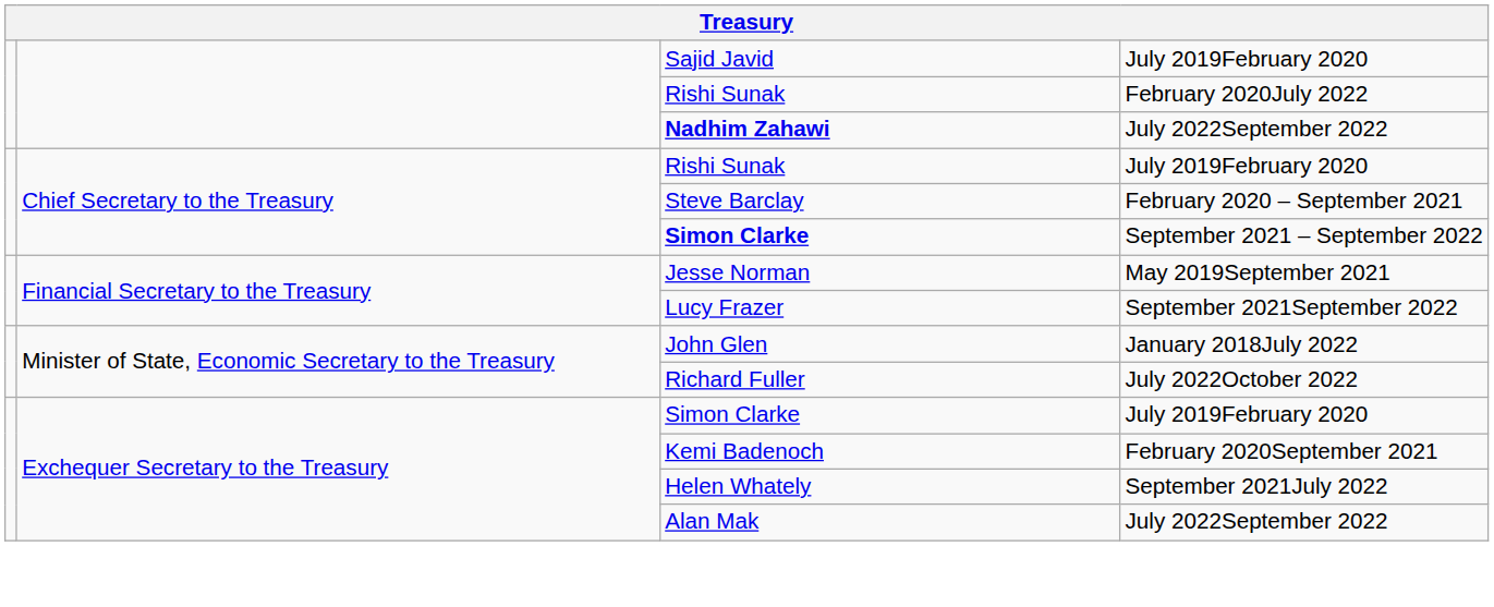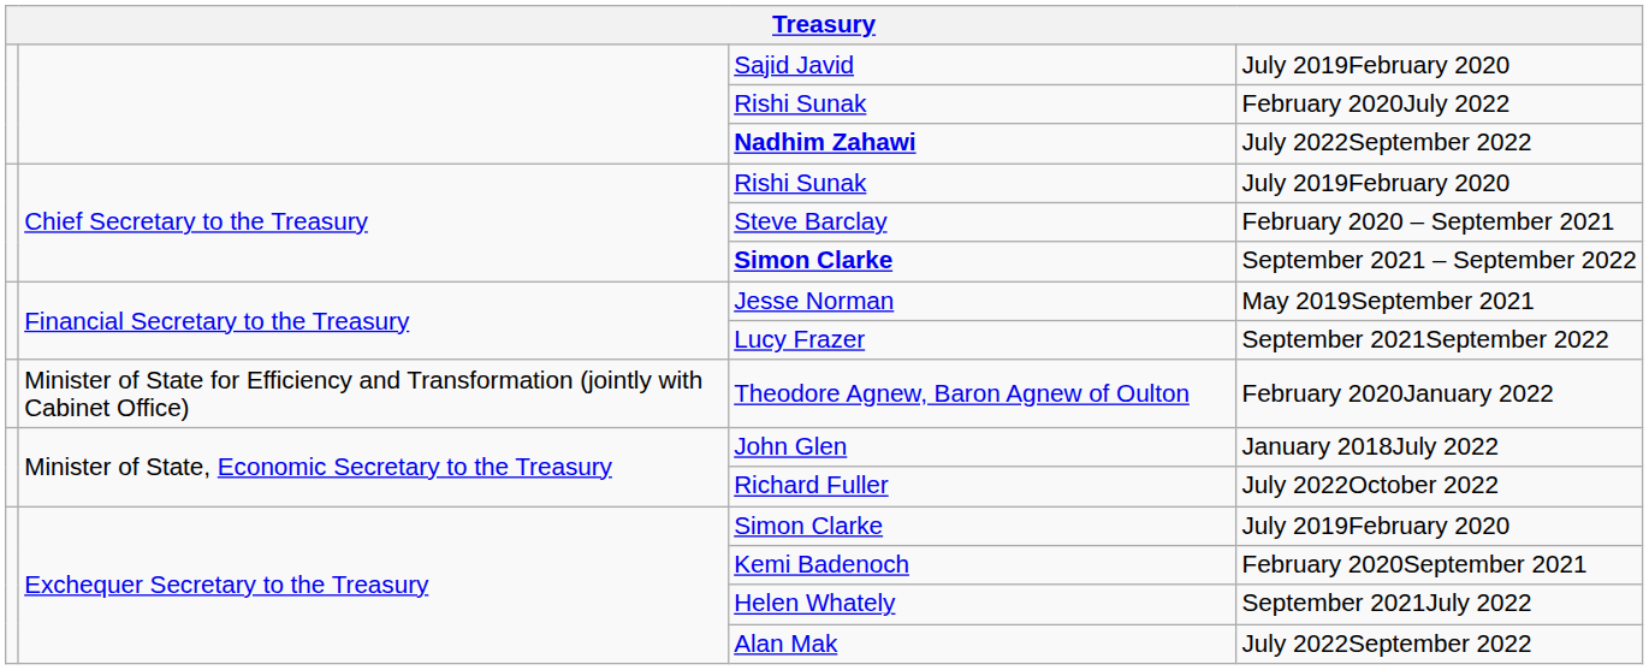 <table class="wikitable">
 <tr>
 <th colspan="4"><a href='#'>Treasury</a></th>
 </tr>
 <tr>
 <td rowspan=3 style="width: 1px; background: "></td>
 <td rowspan=3 style="width: 450px;"></td>
 <td style="width: 320px;"><a href='#'>Sajid Javid</a></td>
 <td>July 2019February 2020</td>
 </tr>
 <tr>
 <td><a href='#'>Rishi Sunak</a></td>
 <td>February 2020July 2022</td>
 </tr>
 <tr>
 <td><strong><a href='#'>Nadhim Zahawi</a></strong></td>
 <td>July 2022September 2022</td>
 </tr>
 <tr>
 <td rowspan=3 style="width: 1px; background: "></td>
 <td rowspan=3><a href='#'>Chief Secretary to the Treasury</a></td>
 <td><a href='#'>Rishi Sunak</a></td>
 <td>July 2019February 2020</td>
 </tr>
 <tr>
 <td><a href='#'>Steve Barclay</a></td>
 <td>February 2020 – September 2021</td>
 </tr>
 <tr>
 <td><strong><a href='#'>Simon Clarke</a></strong></td>
 <td>September 2021 – September 2022</td>
 </tr>
 <tr>
 <td rowspan=2 style="width: 1px; background: "></td>
 <td rowspan=2><a href='#'>Financial Secretary to the Treasury</a></td>
 <td><a href='#'>Jesse Norman</a></td>
 <td>May 2019September 2021</td>
 </tr>
 <tr>
 <td><a href='#'>Lucy Frazer</a></td>
 <td>September 2021September 2022</td>
 </tr>
 <tr>
+<td style="width: 1px; background: "></td>
+<td>Minister of State for Efficiency and Transformation (jointly with Cabinet Office)</td>
+<td><a href='#'>Theodore Agnew, Baron Agnew of Oulton</a> </td>
+<td>February 2020January 2022</td>
+</tr>
+<tr>
 <td rowspan=2 style="width: 1px; background: "></td>
 <td rowspan=2>Minister of State, <a href='#'>Economic Secretary to the Treasury</a></td>
 <td><a href='#'>John Glen</a> </td>
 <td>January 2018July 2022</td>
 </tr>
 <tr>
 <td><a href='#'>Richard Fuller</a> </td>
 <td>July 2022October 2022</td>
 </tr>
 <tr>
 <td rowspan=4 style="width: 1px; background: "></td>
 <td rowspan=4><a href='#'>Exchequer Secretary to the Treasury</a></td>
 <td><a href='#'>Simon Clarke</a> </td>
 <td>July 2019February 2020</td>
 </tr>
 <tr>
 <td><a href='#'>Kemi Badenoch</a>  </td>
 <td>February 2020September 2021</td>
 </tr>
 <tr>
 <td><a href='#'>Helen Whately</a> </td>
 <td>September 2021July 2022</td>
 </tr>
 <tr>
 <td><a href='#'>Alan Mak</a></td>
 <td>July 2022September 2022</td>
 </tr>
 </table>
